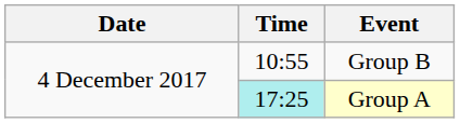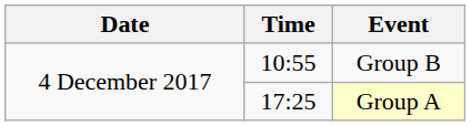 <table class = "wikitable" style="text-align:center;">
 <tr>
 <th width=150>Date</th>
 <th width=50>Time</th>
 <th width=80>Event</th>
 </tr>
 <tr>
 <td rowspan=2>4 December 2017</td>
 <td>10:55</td>
 <td>Group B</td>
 </tr>
 <tr>
-<td style="background: paleturquoise;">17:25</td>
+<td>17:25</td>
 <td bgcolor=ffffcc>Group A</td>
 </tr>
 </table>
